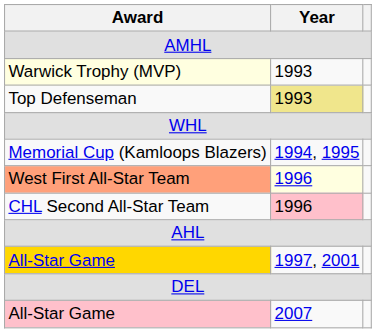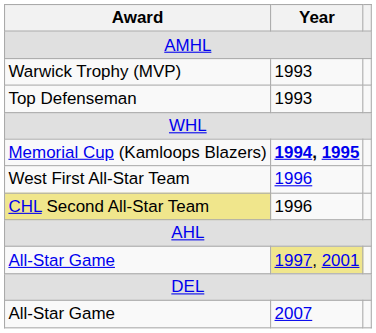 <table class="wikitable">
 <tr>
 <th>Award</th>
 <th>Year</th>
 <th></th>
 </tr>
 <tr ALIGN="center" bgcolor="#e0e0e0">
 <td colspan="3"><a href='#'>AMHL</a></td>
 </tr>
 <tr>
-<td style="background: lightyellow;">Warwick Trophy (MVP)</td>
+<td>Warwick Trophy (MVP)</td>
 <td>1993</td>
 <td></td>
 </tr>
 <tr>
 <td>Top Defenseman</td>
-<td style="background: khaki;">1993</td>
+<td>1993</td>
 <td></td>
 </tr>
 <tr ALIGN="center" bgcolor="#e0e0e0">
 <td colspan="3"><a href='#'>WHL</a></td>
 </tr>
 <tr>
 <td><a href='#'>Memorial Cup</a> (Kamloops Blazers)</td>
-<td><a href='#'>1994</a>, <a href='#'>1995</a></td>
+<td><strong><a href='#'>1994</a>, <a href='#'>1995</a></strong></td>
 <td></td>
 </tr>
 <tr>
-<td style="background: lightsalmon;">West First All-Star Team</td>
-<td style="background: lightyellow;"><a href='#'>1996</a></td>
+<td>West First All-Star Team</td>
+<td><a href='#'>1996</a></td>
 <td></td>
 </tr>
 <tr>
-<td><a href='#'>CHL</a> Second All-Star Team</td>
-<td style="background: pink;">1996</td>
+<td style="background: khaki;"><a href='#'>CHL</a> Second All-Star Team</td>
+<td>1996</td>
 <td></td>
 </tr>
 <tr ALIGN="center" bgcolor="#e0e0e0">
 <td colspan="3"><a href='#'>AHL</a></td>
 </tr>
 <tr>
-<td style="background: gold;"><a href='#'>All-Star Game</a></td>
-<td><a href='#'>1997</a>, <a href='#'>2001</a></td>
+<td><a href='#'>All-Star Game</a></td>
+<td style="background: khaki;"><a href='#'>1997</a>, <a href='#'>2001</a></td>
 <td></td>
 </tr>
 <tr ALIGN="center" bgcolor="#e0e0e0">
 <td colspan="3"><a href='#'>DEL</a></td>
 </tr>
 <tr>
-<td style="background: pink;">All-Star Game</td>
+<td>All-Star Game</td>
 <td><a href='#'>2007</a></td>
 <td></td>
 </tr>
 </table>
